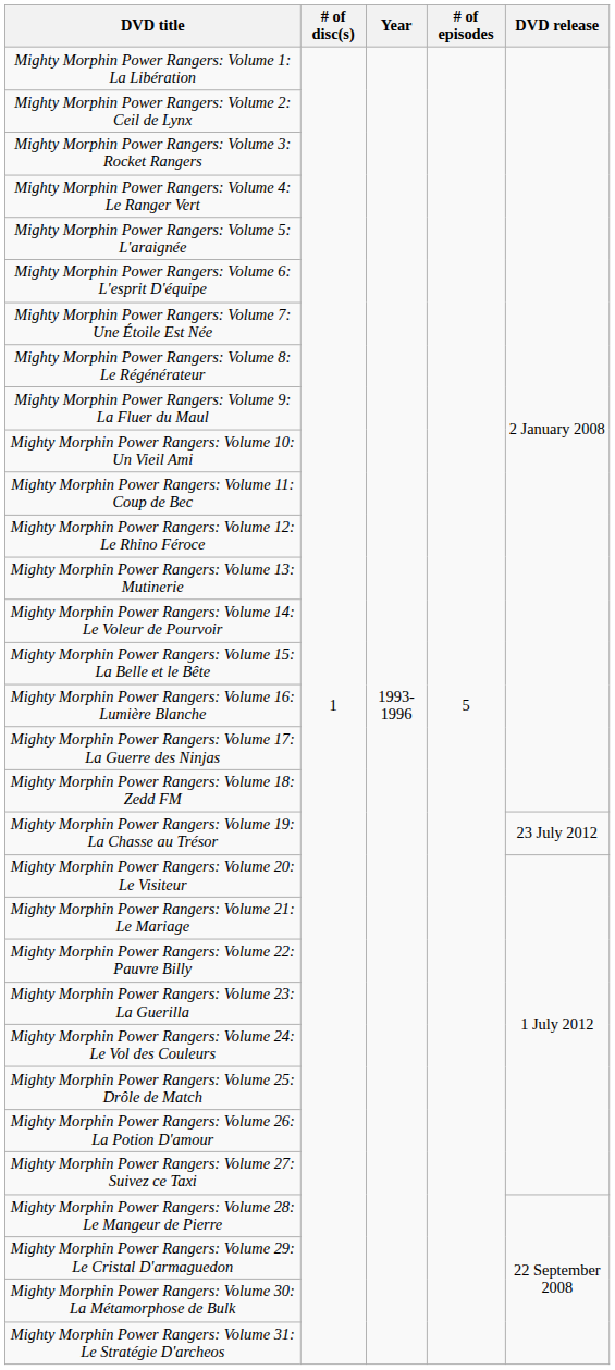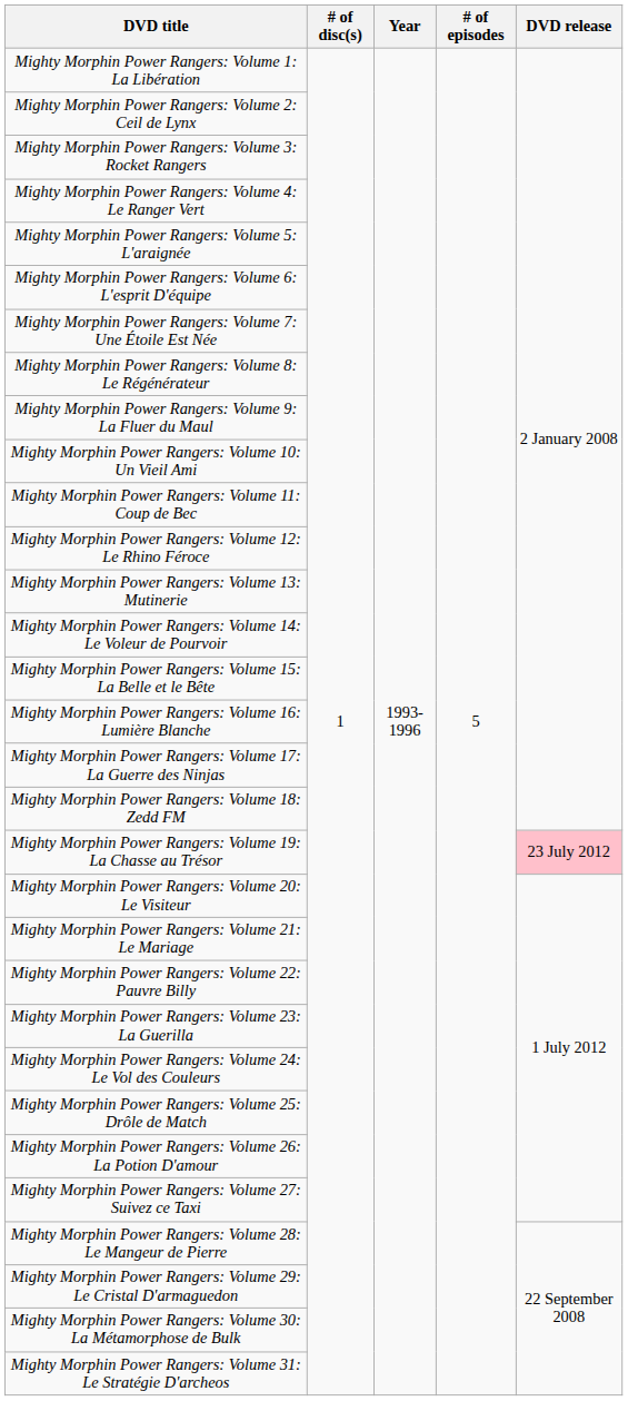 <table class="wikitable"  style="width:99%; left:0 auto; text-align:center;">
 <tr>
 <th>DVD title</th>
 <th># of disc(s)</th>
 <th>Year</th>
 <th># of episodes</th>
 <th>DVD release</th>
 </tr>
 <tr>
 <td><em>Mighty Morphin Power Rangers: Volume 1: La Libération</em></td>
 <td rowspan="31">1</td>
 <td rowspan="31">1993-1996</td>
 <td rowspan="31">5</td>
 <td rowspan="18">2 January 2008</td>
 </tr>
 <tr>
 <td><em>Mighty Morphin Power Rangers: Volume 2: Ceil de Lynx</em></td>
 </tr>
 <tr>
 <td><em>Mighty Morphin Power Rangers: Volume 3: Rocket Rangers</em></td>
 </tr>
 <tr>
 <td><em>Mighty Morphin Power Rangers: Volume 4: Le Ranger Vert</em></td>
 </tr>
 <tr>
 <td><em>Mighty Morphin Power Rangers: Volume 5: L'araignée</em></td>
 </tr>
 <tr>
 <td><em>Mighty Morphin Power Rangers: Volume 6: L'esprit D'équipe</em></td>
 </tr>
 <tr>
 <td><em>Mighty Morphin Power Rangers: Volume 7: Une Étoile Est Née</em></td>
 </tr>
 <tr>
 <td><em>Mighty Morphin Power Rangers: Volume 8: Le Régénérateur</em></td>
 </tr>
 <tr>
 <td><em>Mighty Morphin Power Rangers: Volume 9: La Fluer du Maul</em></td>
 </tr>
 <tr>
 <td><em>Mighty Morphin Power Rangers: Volume 10: Un Vieil Ami</em></td>
 </tr>
 <tr>
 <td><em>Mighty Morphin Power Rangers: Volume 11: Coup de Bec</em></td>
 </tr>
 <tr>
 <td><em>Mighty Morphin Power Rangers: Volume 12: Le Rhino Féroce</em></td>
 </tr>
 <tr>
 <td><em>Mighty Morphin Power Rangers: Volume 13: Mutinerie</em></td>
 </tr>
 <tr>
 <td><em>Mighty Morphin Power Rangers: Volume 14: Le Voleur de Pourvoir</em></td>
 </tr>
 <tr>
 <td><em>Mighty Morphin Power Rangers: Volume 15: La Belle et le Bête</em></td>
 </tr>
 <tr>
 <td><em>Mighty Morphin Power Rangers: Volume 16: Lumière Blanche</em></td>
 </tr>
 <tr>
 <td><em>Mighty Morphin Power Rangers: Volume 17: La Guerre des Ninjas</em></td>
 </tr>
 <tr>
 <td><em>Mighty Morphin Power Rangers: Volume 18: Zedd FM</em></td>
 </tr>
 <tr>
 <td><em>Mighty Morphin Power Rangers: Volume 19: La Chasse au Trésor</em></td>
-<td>23 July 2012</td>
+<td style="background: pink;">23 July 2012</td>
 </tr>
 <tr>
 <td><em>Mighty Morphin Power Rangers: Volume 20: Le Visiteur</em></td>
 <td rowspan="8">1 July 2012</td>
 </tr>
 <tr>
 <td><em>Mighty Morphin Power Rangers: Volume 21: Le Mariage</em></td>
 </tr>
 <tr>
 <td><em>Mighty Morphin Power Rangers: Volume 22: Pauvre Billy</em></td>
 </tr>
 <tr>
 <td><em>Mighty Morphin Power Rangers: Volume 23: La Guerilla</em></td>
 </tr>
 <tr>
 <td><em>Mighty Morphin Power Rangers: Volume 24: Le Vol des Couleurs</em></td>
 </tr>
 <tr>
 <td><em>Mighty Morphin Power Rangers: Volume 25: Drôle de Match</em></td>
 </tr>
 <tr>
 <td><em>Mighty Morphin Power Rangers: Volume 26: La Potion D'amour</em></td>
 </tr>
 <tr>
 <td><em>Mighty Morphin Power Rangers: Volume 27: Suivez ce Taxi</em></td>
 </tr>
 <tr>
 <td><em>Mighty Morphin Power Rangers: Volume 28: Le Mangeur de Pierre</em></td>
 <td rowspan="4">22 September 2008</td>
 </tr>
 <tr>
 <td><em>Mighty Morphin Power Rangers: Volume 29: Le Cristal D'armaguedon</em></td>
 </tr>
 <tr>
 <td><em>Mighty Morphin Power Rangers: Volume 30: La Métamorphose de Bulk</em></td>
 </tr>
 <tr>
 <td><em>Mighty Morphin Power Rangers: Volume 31: Le Stratégie D'archeos</em></td>
 </tr>
 </table>
